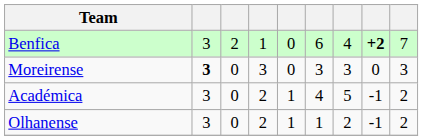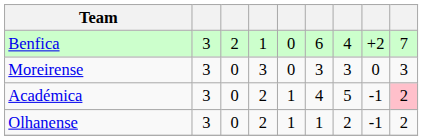 <table class="wikitable" style="text-align: center;">
 <tr>
 <th width=175>Team</th>
 <th width=20></th>
 <th width=20></th>
 <th width=20></th>
 <th width=20></th>
 <th width=20></th>
 <th width=20></th>
 <th width=20></th>
 <th width=20></th>
 </tr>
 <tr bgcolor=#ccffcc>
 <td align=left><a href='#'>Benfica</a></td>
 <td>3</td>
 <td>2</td>
 <td>1</td>
 <td>0</td>
 <td>6</td>
 <td>4</td>
-<td><strong>+2</strong></td>
+<td>+2</td>
 <td>7</td>
 </tr>
 <tr>
 <td align=left><a href='#'>Moreirense</a></td>
-<td><strong>3</strong></td>
+<td>3</td>
 <td>0</td>
 <td>3</td>
 <td>0</td>
 <td>3</td>
 <td>3</td>
 <td>0</td>
 <td>3</td>
 </tr>
 <tr>
 <td align=left><a href='#'>Académica</a></td>
 <td>3</td>
 <td>0</td>
 <td>2</td>
 <td>1</td>
 <td>4</td>
 <td>5</td>
 <td>-1</td>
-<td>2</td>
+<td style="background: pink;">2</td>
 </tr>
 <tr>
 <td align=left><a href='#'>Olhanense</a></td>
 <td>3</td>
 <td>0</td>
 <td>2</td>
 <td>1</td>
 <td>1</td>
 <td>2</td>
 <td>-1</td>
 <td>2</td>
 </tr>
 <tr>
 </tr>
 </table>
